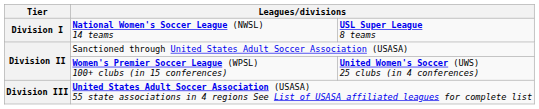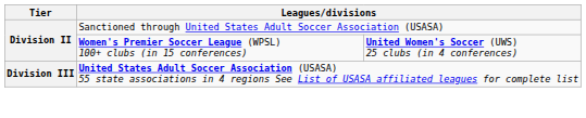 <table class="wikitable">
 <tr>
 <th>Tier</th>
 <th colspan="2">Leagues/divisions</th>
-</tr>
-<tr>
-<th>Division I</th>
-<td><strong><a href='#'>National Women's Soccer League</a></strong> (NWSL)<br><em>14 teams</em></td>
-<td><strong><a href='#'>USL Super League</a></strong><br><em>8 teams</em></td>
 </tr>
 <tr>
 <th rowspan="2">Division II</th>
 <td colspan="2">Sanctioned through <a href='#'>United States Adult Soccer Association</a> (USASA)</td>
 </tr>
 <tr>
 <td><strong><a href='#'>Women's Premier Soccer League</a></strong> (WPSL)<br><em>100+ clubs (in 15 conferences)</em></td>
 <td><strong><a href='#'>United Women's Soccer</a></strong> (UWS)<br><em>25 clubs (in 4 conferences)</em></td>
 </tr>
 <tr>
 <th>Division III</th>
 <td colspan="2"><strong><a href='#'>United States Adult Soccer Association</a></strong> (USASA)<br><em>55 state associations in 4 regions</em> <em>See <a href='#'>List of USASA affiliated leagues</a> for complete list</em></td>
 </tr>
 </table>
